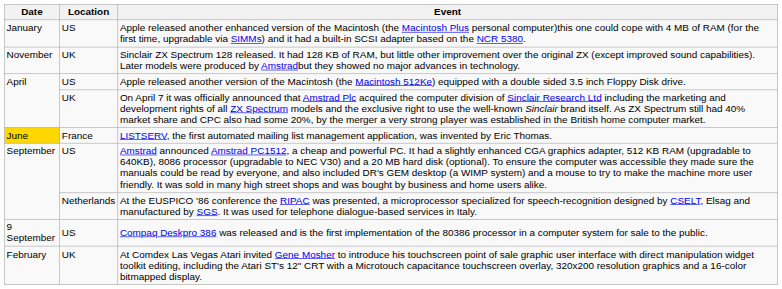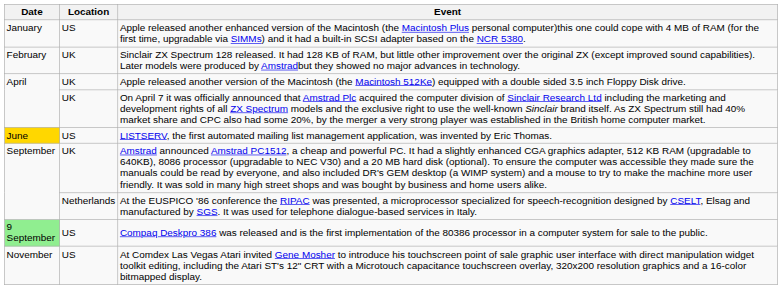 <table class="wikitable sortable">
 <tr>
 <th>Date</th>
 <th>Location</th>
 <th class="unsortable">Event</th>
 </tr>
 <tr valign="top">
 <td>January</td>
 <td>US</td>
 <td>Apple released another enhanced version of the Macintosh (the <a href='#'>Macintosh Plus</a> personal computer)this one could cope with 4 MB of RAM (for the first time, upgradable via <a href='#'>SIMMs</a>) and it had a built-in SCSI adapter based on the <a href='#'>NCR 5380</a>.</td>
 </tr>
 <tr valign="top">
-<td>November</td>
+<td>February</td>
 <td>UK</td>
 <td>Sinclair ZX Spectrum 128 released. It had 128 KB of RAM, but little other improvement over the original ZX (except improved sound capabilities). Later models were produced by <a href='#'>Amstrad</a>but they showed no major advances in technology.</td>
 </tr>
 <tr valign="top">
 <td rowspan="2">April</td>
-<td>US</td>
+<td>UK</td>
 <td>Apple released another version of the Macintosh (the <a href='#'>Macintosh 512Ke</a>) equipped with a double sided 3.5 inch Floppy Disk drive.</td>
 </tr>
 <tr valign="top">
 <td>UK</td>
 <td>On April 7 it was officially announced that <a href='#'>Amstrad Plc</a> acquired the computer division of <a href='#'>Sinclair Research Ltd</a> including the marketing and development rights of all <a href='#'>ZX Spectrum</a> models and the exclusive right to use the well-known <em>Sinclair</em> brand itself. As ZX Spectrum still had 40% market share and CPC also had some 20%, by the merger a very strong player was established in the British home computer market.</td>
 </tr>
 <tr valign="top">
 <td style="background: gold;">June</td>
-<td>France</td>
+<td>US</td>
 <td><a href='#'>LISTSERV</a>, the first automated mailing list management application, was invented by Eric Thomas.</td>
 </tr>
 <tr valign="top">
 <td rowspan="2">September</td>
-<td>US</td>
+<td>UK</td>
 <td><a href='#'>Amstrad</a> announced <a href='#'>Amstrad PC1512</a>, a cheap and powerful PC. It had a slightly enhanced CGA graphics adapter, 512 KB RAM (upgradable to 640KB), 8086 processor (upgradable to NEC V30) and a 20 MB hard disk (optional). To ensure the computer was accessible they made sure the manuals could be read by everyone, and also included DR's GEM desktop (a WIMP system) and a mouse to try to make the machine more user friendly. It was sold in many high street shops and was bought by business and home users alike.</td>
 </tr>
 <tr valign="top">
 <td>Netherlands</td>
 <td>At the EUSPICO '86 conference the <a href='#'>RIPAC</a> was presented, a microprocessor specialized for speech-recognition designed by <a href='#'>CSELT</a>, Elsag and manufactured by <a href='#'>SGS</a>. It was used for telephone dialogue-based services in Italy.</td>
 </tr>
 <tr>
-<td>9 September</td>
+<td style="background: lightgreen;">9 September</td>
 <td>US</td>
 <td><a href='#'>Compaq Deskpro 386</a> was released and is the first implementation of the 80386 processor in a computer system for sale to the public.</td>
 </tr>
 <tr valign="top">
-<td>February</td>
-<td>UK</td>
+<td>November</td>
+<td>US</td>
 <td>At Comdex Las Vegas Atari invited <a href='#'>Gene Mosher</a> to introduce his touchscreen point of sale graphic user interface with direct manipulation widget toolkit editing, including the Atari ST's 12" CRT with a Microtouch capacitance touchscreen overlay, 320x200 resolution graphics and a 16-color bitmapped display.</td>
 </tr>
 </table>
